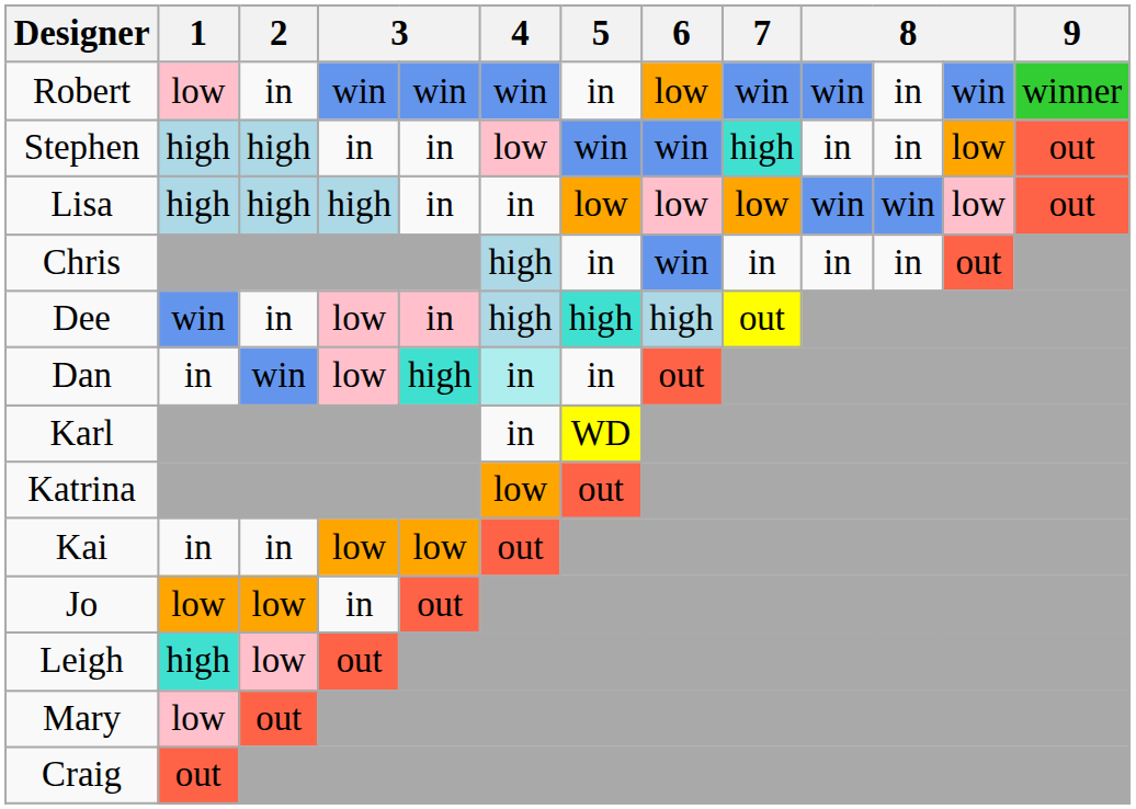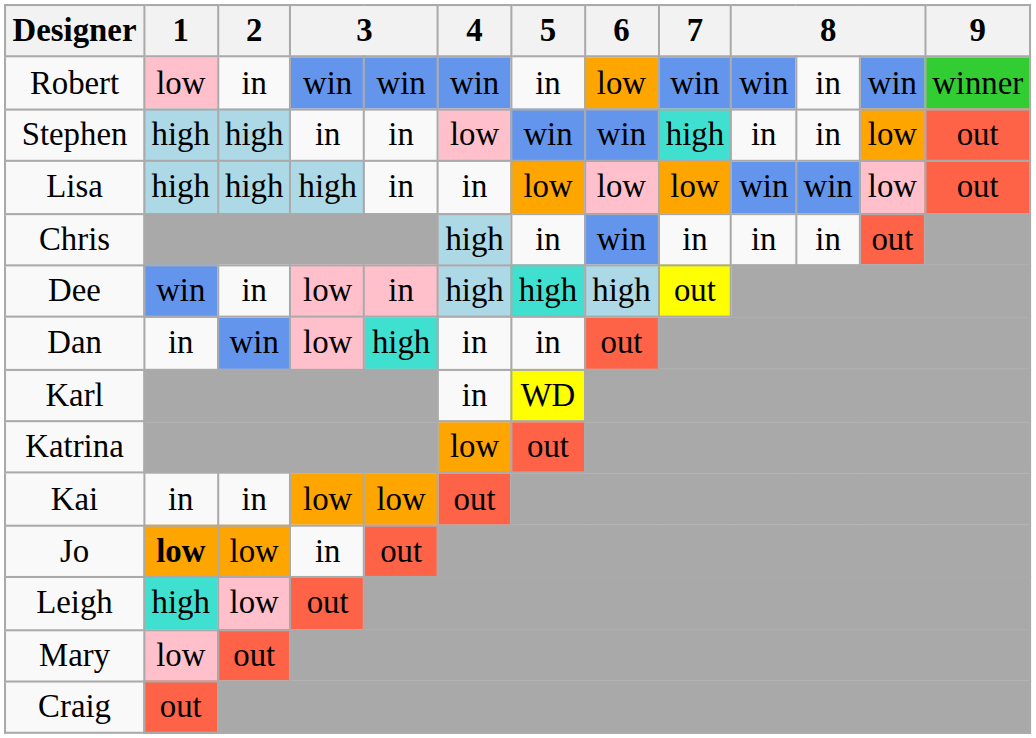 <table class="wikitable" style="text-align:center">
 <tr>
 <th>Designer</th>
 <th>1</th>
 <th>2</th>
 <th colspan="2">3</th>
 <th>4</th>
 <th>5</th>
 <th>6 </th>
 <th>7 </th>
 <th colspan="3">8</th>
 <th>9</th>
 </tr>
 <tr>
 <td>Robert</td>
 <td style="background:pink;">low</td>
 <td>in</td>
 <td style="background:cornflowerblue;">win</td>
 <td style="background:cornflowerblue;">win</td>
 <td style="background:cornflowerblue;">win</td>
 <td>in</td>
 <td style="background:orange;">low</td>
 <td style="background:cornflowerblue;">win</td>
 <td style="background:cornflowerblue;">win</td>
 <td>in</td>
 <td style="background:cornflowerblue;">win</td>
 <td style="background:limegreen;">winner</td>
 </tr>
 <tr>
 <td>Stephen</td>
 <td style="background:lightblue;">high</td>
 <td style="background:lightblue;">high</td>
 <td>in</td>
 <td>in</td>
 <td style="background:pink;">low</td>
 <td style="background:cornflowerblue;">win</td>
 <td style="background:cornflowerblue;">win</td>
 <td style="background:turquoise;">high</td>
 <td>in</td>
 <td>in</td>
 <td style="background:orange;">low</td>
 <td style="background:tomato;">out</td>
 </tr>
 <tr>
 <td>Lisa</td>
 <td style="background:lightblue;">high</td>
 <td style="background:lightblue;">high</td>
 <td style="background:lightblue;">high</td>
 <td>in</td>
 <td>in</td>
 <td style="background:orange;">low</td>
 <td style="background:pink;">low</td>
 <td style="background:orange;">low</td>
 <td style="background:cornflowerblue;">win</td>
 <td style="background:cornflowerblue;">win</td>
 <td style="background:pink;">low</td>
 <td style="background:tomato;">out</td>
 </tr>
 <tr>
 <td>Chris</td>
 <td COLSPAN=4 style="background:darkgrey;"></td>
 <td style="background:lightblue;">high</td>
 <td>in</td>
 <td style="background:cornflowerblue;">win</td>
 <td>in</td>
 <td>in</td>
 <td>in</td>
 <td style="background:tomato;">out</td>
 <td COLSPAN=12 style="background:darkgrey;"></td>
 </tr>
 <tr>
 <td>Dee</td>
 <td style="background:cornflowerblue;">win</td>
 <td>in</td>
 <td style="background:pink;">low</td>
 <td style="background: pink;">in</td>
 <td style="background:lightblue;">high</td>
 <td style="background:turquoise;">high</td>
 <td style="background:lightblue;">high</td>
 <td style="background:yellow;">out</td>
 <td COLSPAN=12 style="background:darkgrey;"></td>
 </tr>
 <tr>
 <td>Dan</td>
 <td>in</td>
 <td style="background:cornflowerblue;">win</td>
 <td style="background:pink;">low</td>
 <td style="background:turquoise;">high</td>
-<td style="background: paleturquoise;">in</td>
+<td>in</td>
 <td>in</td>
 <td style="background:tomato;">out</td>
 <td COLSPAN=13 style="background:darkgrey;"></td>
 </tr>
 <tr>
 <td>Karl</td>
 <td COLSPAN=4 style="background:darkgrey;"></td>
 <td>in</td>
 <td style="background:yellow;">WD</td>
 <td COLSPAN=14 style="background:darkgrey;"></td>
 </tr>
 <tr>
 <td>Katrina</td>
 <td COLSPAN=4 style="background:darkgrey;"></td>
 <td style="background:orange;">low</td>
 <td style="background:tomato;">out</td>
 <td COLSPAN=14 style="background:darkgrey;"></td>
 </tr>
 <tr>
 <td>Kai</td>
 <td>in</td>
 <td>in</td>
 <td style="background:orange;">low</td>
 <td style="background:orange;">low</td>
 <td style="background:tomato;">out</td>
 <td COLSPAN=15 style="background:darkgrey;"></td>
 </tr>
 <tr>
 <td>Jo</td>
-<td style="background:orange;">low</td>
+<td style="background:orange;"><strong>low</strong></td>
 <td style="background:orange;">low</td>
 <td>in</td>
 <td style="background:tomato;">out</td>
 <td COLSPAN=16 style="background:darkgrey;"></td>
 </tr>
 <tr>
 <td>Leigh</td>
 <td style="background:turquoise;">high</td>
 <td style="background:pink;">low</td>
 <td style="background:tomato;">out</td>
 <td COLSPAN=17 style="background:darkgrey;"></td>
 </tr>
 <tr>
 <td>Mary</td>
 <td style="background:pink;">low</td>
 <td style="background:tomato;">out</td>
 <td COLSPAN=18 style="background:darkgrey;"></td>
 </tr>
 <tr>
 <td>Craig</td>
 <td style="background:tomato;">out</td>
 <td COLSPAN=19 style="background:darkgrey;"></td>
 </tr>
 </table>
